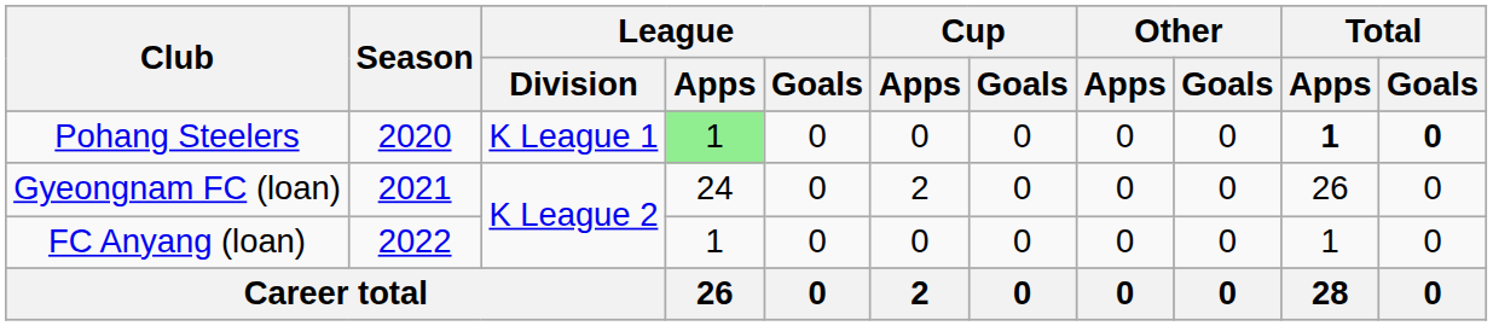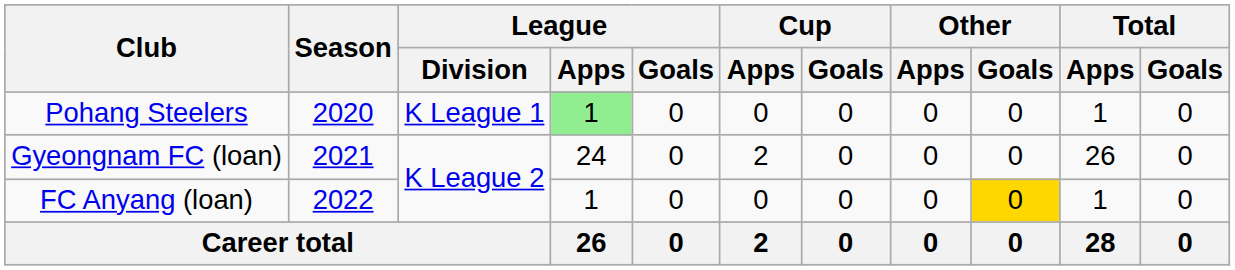 <table class="wikitable" style="text-align: center">
 <tr>
 <th rowspan="2">Club</th>
 <th rowspan="2">Season</th>
 <th colspan="3">League</th>
 <th colspan="2">Cup</th>
 <th colspan="2">Other</th>
 <th colspan="2">Total</th>
 </tr>
 <tr>
 <th>Division</th>
 <th>Apps</th>
 <th>Goals</th>
 <th>Apps</th>
 <th>Goals</th>
 <th>Apps</th>
 <th>Goals</th>
 <th>Apps</th>
 <th>Goals</th>
 </tr>
 <tr>
 <td><a href='#'>Pohang Steelers</a></td>
 <td><a href='#'>2020</a></td>
 <td><a href='#'>K League 1</a></td>
 <td style="background: lightgreen;">1</td>
 <td>0</td>
 <td>0</td>
 <td>0</td>
 <td>0</td>
 <td>0</td>
-<td><strong>1</strong></td>
-<td><strong>0</strong></td>
+<td>1</td>
+<td>0</td>
 </tr>
 <tr>
 <td><a href='#'>Gyeongnam FC</a> (loan)</td>
 <td><a href='#'>2021</a></td>
 <td rowspan=2><a href='#'>K League 2</a></td>
 <td>24</td>
 <td>0</td>
 <td>2</td>
 <td>0</td>
 <td>0</td>
 <td>0</td>
 <td>26</td>
 <td>0</td>
 </tr>
 <tr>
 <td><a href='#'>FC Anyang</a> (loan)</td>
 <td><a href='#'>2022</a></td>
 <td>1</td>
 <td>0</td>
 <td>0</td>
 <td>0</td>
 <td>0</td>
-<td>0</td>
+<td style="background: gold;">0</td>
 <td>1</td>
 <td>0</td>
 </tr>
 <tr>
 <th colspan=3>Career total</th>
 <th>26</th>
 <th>0</th>
 <th>2</th>
 <th>0</th>
 <th>0</th>
 <th>0</th>
 <th>28</th>
 <th>0</th>
 </tr>
 </table>
